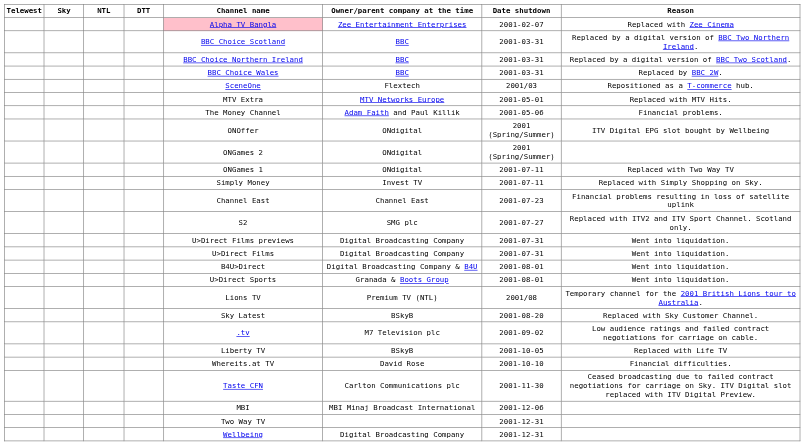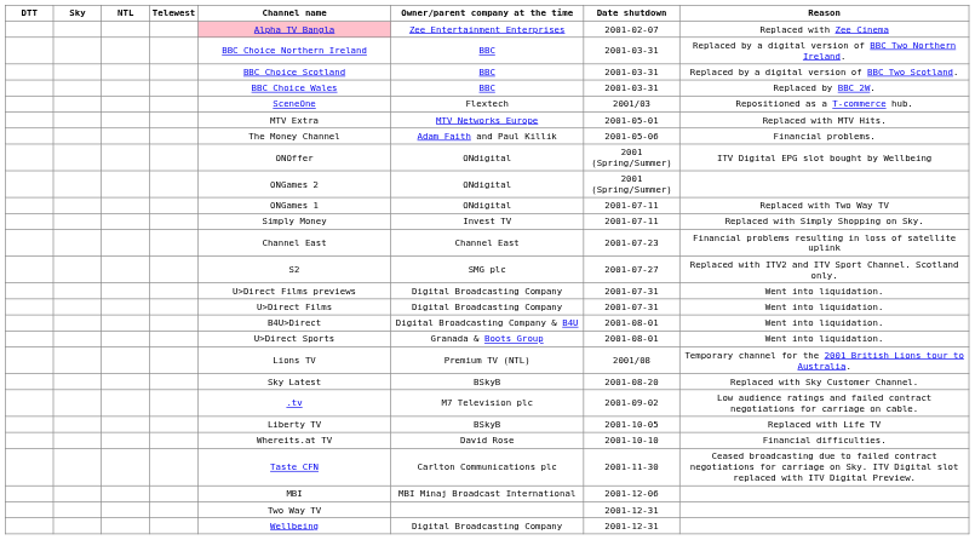 <table class="toccolors sortable" border="1" cellpadding="3" style="border-collapse:collapse; font-size: 90%; text-align:center" width="100%">
 <tr>
-<th width="5%">Telewest</th>
+<th width="5%">DTT</th>
 <th width="5%">Sky</th>
 <th width="5%">NTL</th>
-<th width="5%">DTT</th>
+<th width="5%">Telewest</th>
 <th width="20%">Channel name</th>
 <th width="20%">Owner/parent company at the time</th>
 <th width="10%">Date shutdown </th>
 <th width="30%">Reason</th>
 </tr>
 <tr>
 <td></td>
 <td></td>
 <td></td>
 <td></td>
 <td style="background: pink;"><a href='#'>Alpha TV Bangla</a></td>
 <td><a href='#'>Zee Entertainment Enterprises</a></td>
 <td>2001-02-07</td>
 <td>Replaced with <a href='#'>Zee Cinema</a></td>
 </tr>
 <tr>
 <td></td>
 <td></td>
 <td></td>
 <td></td>
-<td><a href='#'>BBC Choice Scotland</a></td>
+<td><a href='#'>BBC Choice Northern Ireland</a></td>
 <td><a href='#'>BBC</a></td>
 <td>2001-03-31</td>
 <td>Replaced by a digital version of <a href='#'>BBC Two Northern Ireland</a>.</td>
 </tr>
 <tr>
 <td></td>
 <td></td>
 <td></td>
 <td></td>
-<td><a href='#'>BBC Choice Northern Ireland</a></td>
+<td><a href='#'>BBC Choice Scotland</a></td>
 <td><a href='#'>BBC</a></td>
 <td>2001-03-31</td>
 <td>Replaced by a digital version of <a href='#'>BBC Two Scotland</a>.</td>
 </tr>
 <tr>
 <td></td>
 <td></td>
 <td></td>
 <td></td>
 <td><a href='#'>BBC Choice Wales</a></td>
 <td><a href='#'>BBC</a></td>
 <td>2001-03-31</td>
 <td>Replaced by <a href='#'>BBC 2W</a>.</td>
 </tr>
 <tr>
 <td></td>
 <td></td>
 <td></td>
 <td></td>
 <td><a href='#'>SceneOne</a></td>
 <td>Flextech</td>
 <td>2001/03</td>
 <td>Repositioned as a <a href='#'>T-commerce</a> hub.</td>
 </tr>
 <tr>
 <td></td>
 <td></td>
 <td></td>
 <td></td>
 <td>MTV Extra</td>
 <td><a href='#'>MTV Networks Europe</a></td>
 <td>2001-05-01</td>
 <td>Replaced with MTV Hits.</td>
 </tr>
 <tr>
 <td></td>
 <td></td>
 <td></td>
 <td></td>
 <td>The Money Channel</td>
 <td><a href='#'>Adam Faith</a> and Paul Killik</td>
 <td>2001-05-06</td>
 <td>Financial problems.</td>
 </tr>
 <tr>
 <td></td>
 <td></td>
 <td></td>
 <td></td>
 <td>ONOffer</td>
 <td>ONdigital</td>
 <td>2001 (Spring/Summer)</td>
 <td>ITV Digital EPG slot bought by Wellbeing</td>
 </tr>
 <tr>
 <td></td>
 <td></td>
 <td></td>
 <td></td>
 <td>ONGames 2</td>
 <td>ONdigital</td>
 <td>2001 (Spring/Summer)</td>
 <td></td>
 </tr>
 <tr>
 <td></td>
 <td></td>
 <td></td>
 <td></td>
 <td>ONGames 1</td>
 <td>ONdigital</td>
 <td>2001-07-11</td>
 <td>Replaced with Two Way TV</td>
 </tr>
 <tr>
 <td></td>
 <td></td>
 <td></td>
 <td></td>
 <td>Simply Money</td>
 <td>Invest TV</td>
 <td>2001-07-11</td>
 <td>Replaced with Simply Shopping on Sky.</td>
 </tr>
 <tr>
 <td></td>
 <td></td>
 <td></td>
 <td></td>
 <td>Channel East</td>
 <td>Channel East</td>
 <td>2001-07-23</td>
 <td>Financial problems resulting in loss of satellite uplink</td>
 </tr>
 <tr>
 <td></td>
 <td></td>
 <td></td>
 <td></td>
 <td>S2</td>
 <td>SMG plc</td>
 <td>2001-07-27</td>
 <td>Replaced with ITV2 and ITV Sport Channel. Scotland only.</td>
 </tr>
 <tr>
 <td></td>
 <td></td>
 <td></td>
 <td></td>
 <td>U>Direct Films previews</td>
 <td>Digital Broadcasting Company</td>
 <td>2001-07-31</td>
 <td>Went into liquidation.</td>
 </tr>
 <tr>
 <td></td>
 <td></td>
 <td></td>
 <td></td>
 <td>U>Direct Films</td>
 <td>Digital Broadcasting Company</td>
 <td>2001-07-31</td>
 <td>Went into liquidation.</td>
 </tr>
 <tr>
 <td></td>
 <td></td>
 <td></td>
 <td></td>
 <td>B4U>Direct</td>
 <td>Digital Broadcasting Company & <a href='#'>B4U</a></td>
 <td>2001-08-01</td>
 <td>Went into liquidation.</td>
 </tr>
 <tr>
 <td></td>
 <td></td>
 <td></td>
 <td></td>
 <td>U>Direct Sports</td>
 <td>Granada & <a href='#'>Boots Group</a></td>
 <td>2001-08-01</td>
 <td>Went into liquidation.</td>
 </tr>
 <tr>
 <td></td>
 <td></td>
 <td></td>
 <td></td>
 <td>Lions TV</td>
 <td>Premium TV (NTL)</td>
 <td>2001/08</td>
 <td>Temporary channel for the <a href='#'>2001 British Lions tour to Australia</a>.</td>
 </tr>
 <tr>
 <td></td>
 <td></td>
 <td></td>
 <td></td>
 <td>Sky Latest</td>
 <td>BSkyB</td>
 <td>2001-08-20</td>
 <td>Replaced with Sky Customer Channel.</td>
 </tr>
 <tr>
 <td></td>
 <td></td>
 <td></td>
 <td></td>
 <td><a href='#'>.tv</a></td>
 <td>M7 Television plc</td>
 <td>2001-09-02</td>
 <td>Low audience ratings and failed contract negotiations for carriage on cable.</td>
 </tr>
 <tr>
 <td></td>
 <td></td>
 <td></td>
 <td></td>
 <td>Liberty TV</td>
 <td>BSkyB</td>
 <td>2001-10-05</td>
 <td>Replaced with Life TV</td>
 </tr>
 <tr>
 <td></td>
 <td></td>
 <td></td>
 <td></td>
 <td>Whereits.at TV</td>
 <td>David Rose</td>
 <td>2001-10-10</td>
 <td>Financial difficulties.</td>
 </tr>
 <tr>
 <td></td>
 <td></td>
 <td></td>
 <td></td>
 <td><a href='#'>Taste CFN</a></td>
 <td>Carlton Communications plc</td>
 <td>2001-11-30</td>
 <td>Ceased broadcasting due to failed contract negotiations for carriage on Sky. ITV Digital slot replaced with ITV Digital Preview.</td>
 </tr>
 <tr>
 <td></td>
 <td></td>
 <td></td>
 <td></td>
 <td>MBI</td>
 <td>MBI Minaj Broadcast International</td>
 <td>2001-12-06</td>
 <td></td>
 </tr>
 <tr>
 <td></td>
 <td></td>
 <td></td>
 <td></td>
 <td>Two Way TV</td>
 <td></td>
 <td>2001-12-31</td>
 <td></td>
 </tr>
 <tr>
 <td></td>
 <td></td>
 <td></td>
 <td></td>
 <td><a href='#'>Wellbeing</a></td>
 <td>Digital Broadcasting Company</td>
 <td>2001-12-31</td>
 <td></td>
 </tr>
 </table>
